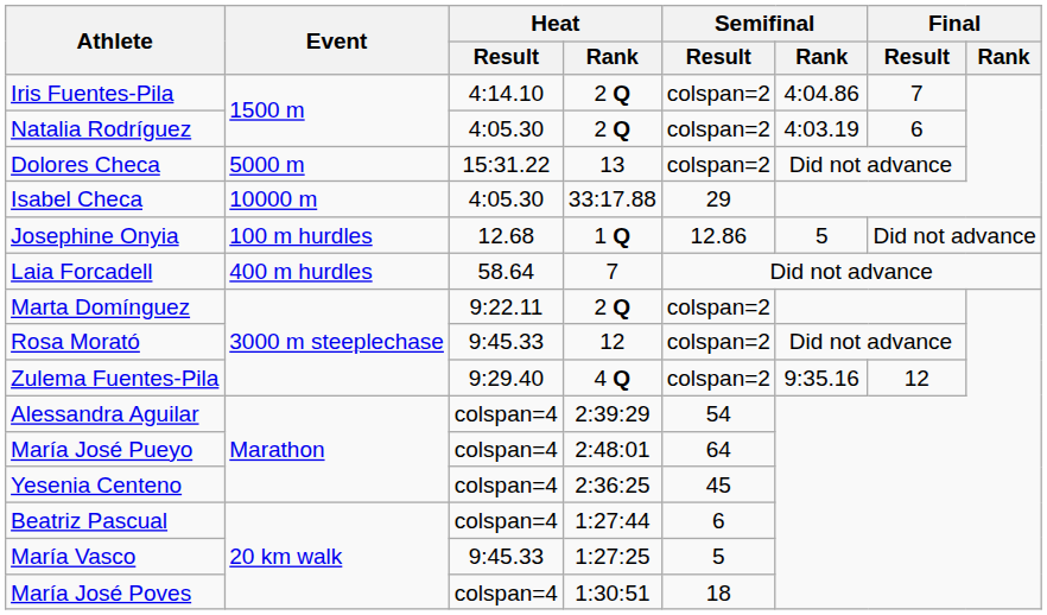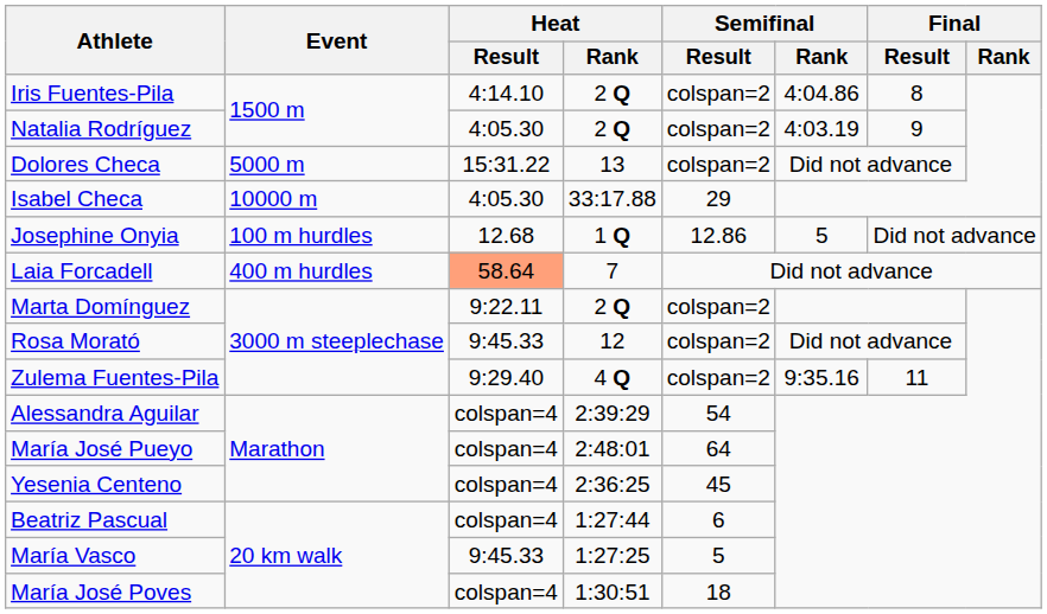 <table class=wikitable style="font-size:90%">
 <tr>
 <th rowspan="2">Athlete</th>
 <th rowspan="2">Event</th>
 <th colspan="2">Heat</th>
 <th colspan="2">Semifinal</th>
 <th colspan="2">Final</th>
 </tr>
 <tr style="font-size:95%">
 <th>Result</th>
 <th>Rank</th>
 <th>Result</th>
 <th>Rank</th>
 <th>Result</th>
 <th>Rank</th>
 </tr>
 <tr align=center>
 <td align=left><a href='#'>Iris Fuentes-Pila</a></td>
 <td align=left rowspan=2><a href='#'>1500 m</a></td>
 <td>4:14.10</td>
 <td>2 <strong>Q</strong></td>
 <td>colspan=2 </td>
 <td>4:04.86</td>
-<td>7</td>
+<td>8</td>
 </tr>
 <tr align=center>
 <td align=left><a href='#'>Natalia Rodríguez</a></td>
 <td>4:05.30</td>
 <td>2 <strong>Q</strong></td>
 <td>colspan=2 </td>
 <td>4:03.19</td>
-<td>6</td>
+<td>9</td>
 </tr>
 <tr align=center>
 <td align=left><a href='#'>Dolores Checa</a></td>
 <td align=left><a href='#'>5000 m</a></td>
 <td>15:31.22</td>
 <td>13</td>
 <td>colspan=2 </td>
 <td colspan=2>Did not advance</td>
 </tr>
 <tr align=center>
 <td align=left><a href='#'>Isabel Checa</a></td>
 <td align=left><a href='#'>10000 m</a></td>
 <td>4:05.30</td>
 <td>33:17.88</td>
 <td>29</td>
 </tr>
 <tr align=center>
 <td align=left><a href='#'>Josephine Onyia</a></td>
 <td align=left><a href='#'>100 m hurdles</a></td>
 <td>12.68</td>
 <td>1 <strong>Q</strong></td>
 <td>12.86</td>
 <td>5</td>
 <td colspan=2>Did not advance</td>
 </tr>
 <tr align=center>
 <td align=left><a href='#'>Laia Forcadell</a></td>
 <td align=left><a href='#'>400 m hurdles</a></td>
-<td>58.64</td>
+<td style="background: lightsalmon;">58.64</td>
 <td>7</td>
 <td colspan=4>Did not advance</td>
 </tr>
 <tr align=center>
 <td align=left><a href='#'>Marta Domínguez</a></td>
 <td align=left rowspan=3><a href='#'>3000 m steeplechase</a></td>
 <td>9:22.11</td>
 <td>2 <strong>Q</strong></td>
 <td>colspan=2 </td>
 <td colspan=2></td>
 </tr>
 <tr align=center>
 <td align=left><a href='#'>Rosa Morató</a></td>
 <td>9:45.33</td>
 <td>12</td>
 <td>colspan=2 </td>
 <td colspan=2>Did not advance</td>
 </tr>
 <tr align=center>
 <td align=left><a href='#'>Zulema Fuentes-Pila</a></td>
 <td>9:29.40</td>
 <td>4 <strong>Q</strong></td>
 <td>colspan=2 </td>
 <td>9:35.16</td>
-<td>12</td>
+<td>11</td>
 </tr>
 <tr align=center>
 <td align=left><a href='#'>Alessandra Aguilar</a></td>
 <td align=left rowspan=3><a href='#'>Marathon</a></td>
 <td>colspan=4 </td>
 <td>2:39:29</td>
 <td>54</td>
 </tr>
 <tr align=center>
 <td align=left><a href='#'>María José Pueyo</a></td>
 <td>colspan=4 </td>
 <td>2:48:01</td>
 <td>64</td>
 </tr>
 <tr align=center>
 <td align=left><a href='#'>Yesenia Centeno</a></td>
 <td>colspan=4 </td>
 <td>2:36:25</td>
 <td>45</td>
 </tr>
 <tr align=center>
 <td align=left><a href='#'>Beatriz Pascual</a></td>
 <td align=left rowspan=3><a href='#'>20 km walk</a></td>
 <td>colspan=4 </td>
 <td>1:27:44</td>
 <td>6</td>
 </tr>
 <tr align=center>
 <td align=left><a href='#'>María Vasco</a></td>
 <td>9:45.33</td>
 <td>1:27:25</td>
 <td>5</td>
 </tr>
 <tr align=center>
 <td align=left><a href='#'>María José Poves</a></td>
 <td>colspan=4 </td>
 <td>1:30:51</td>
 <td>18</td>
 </tr>
 </table>
